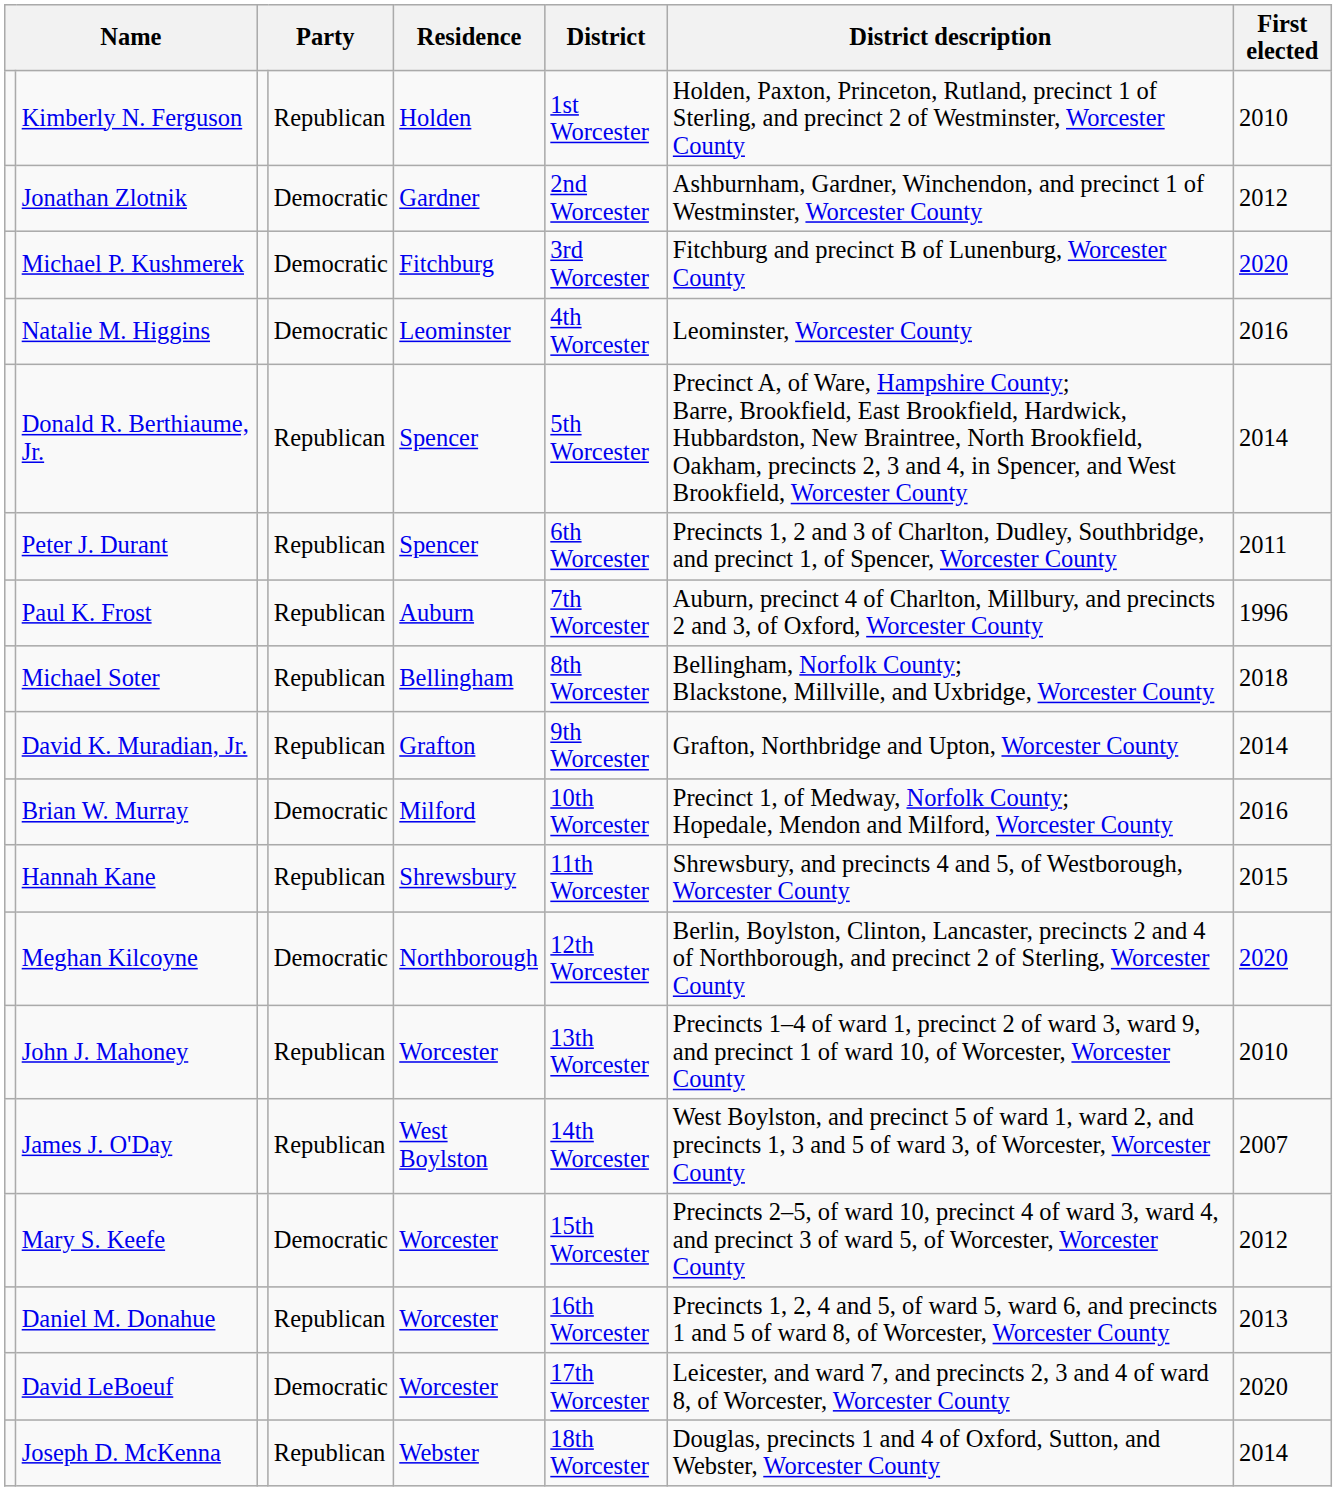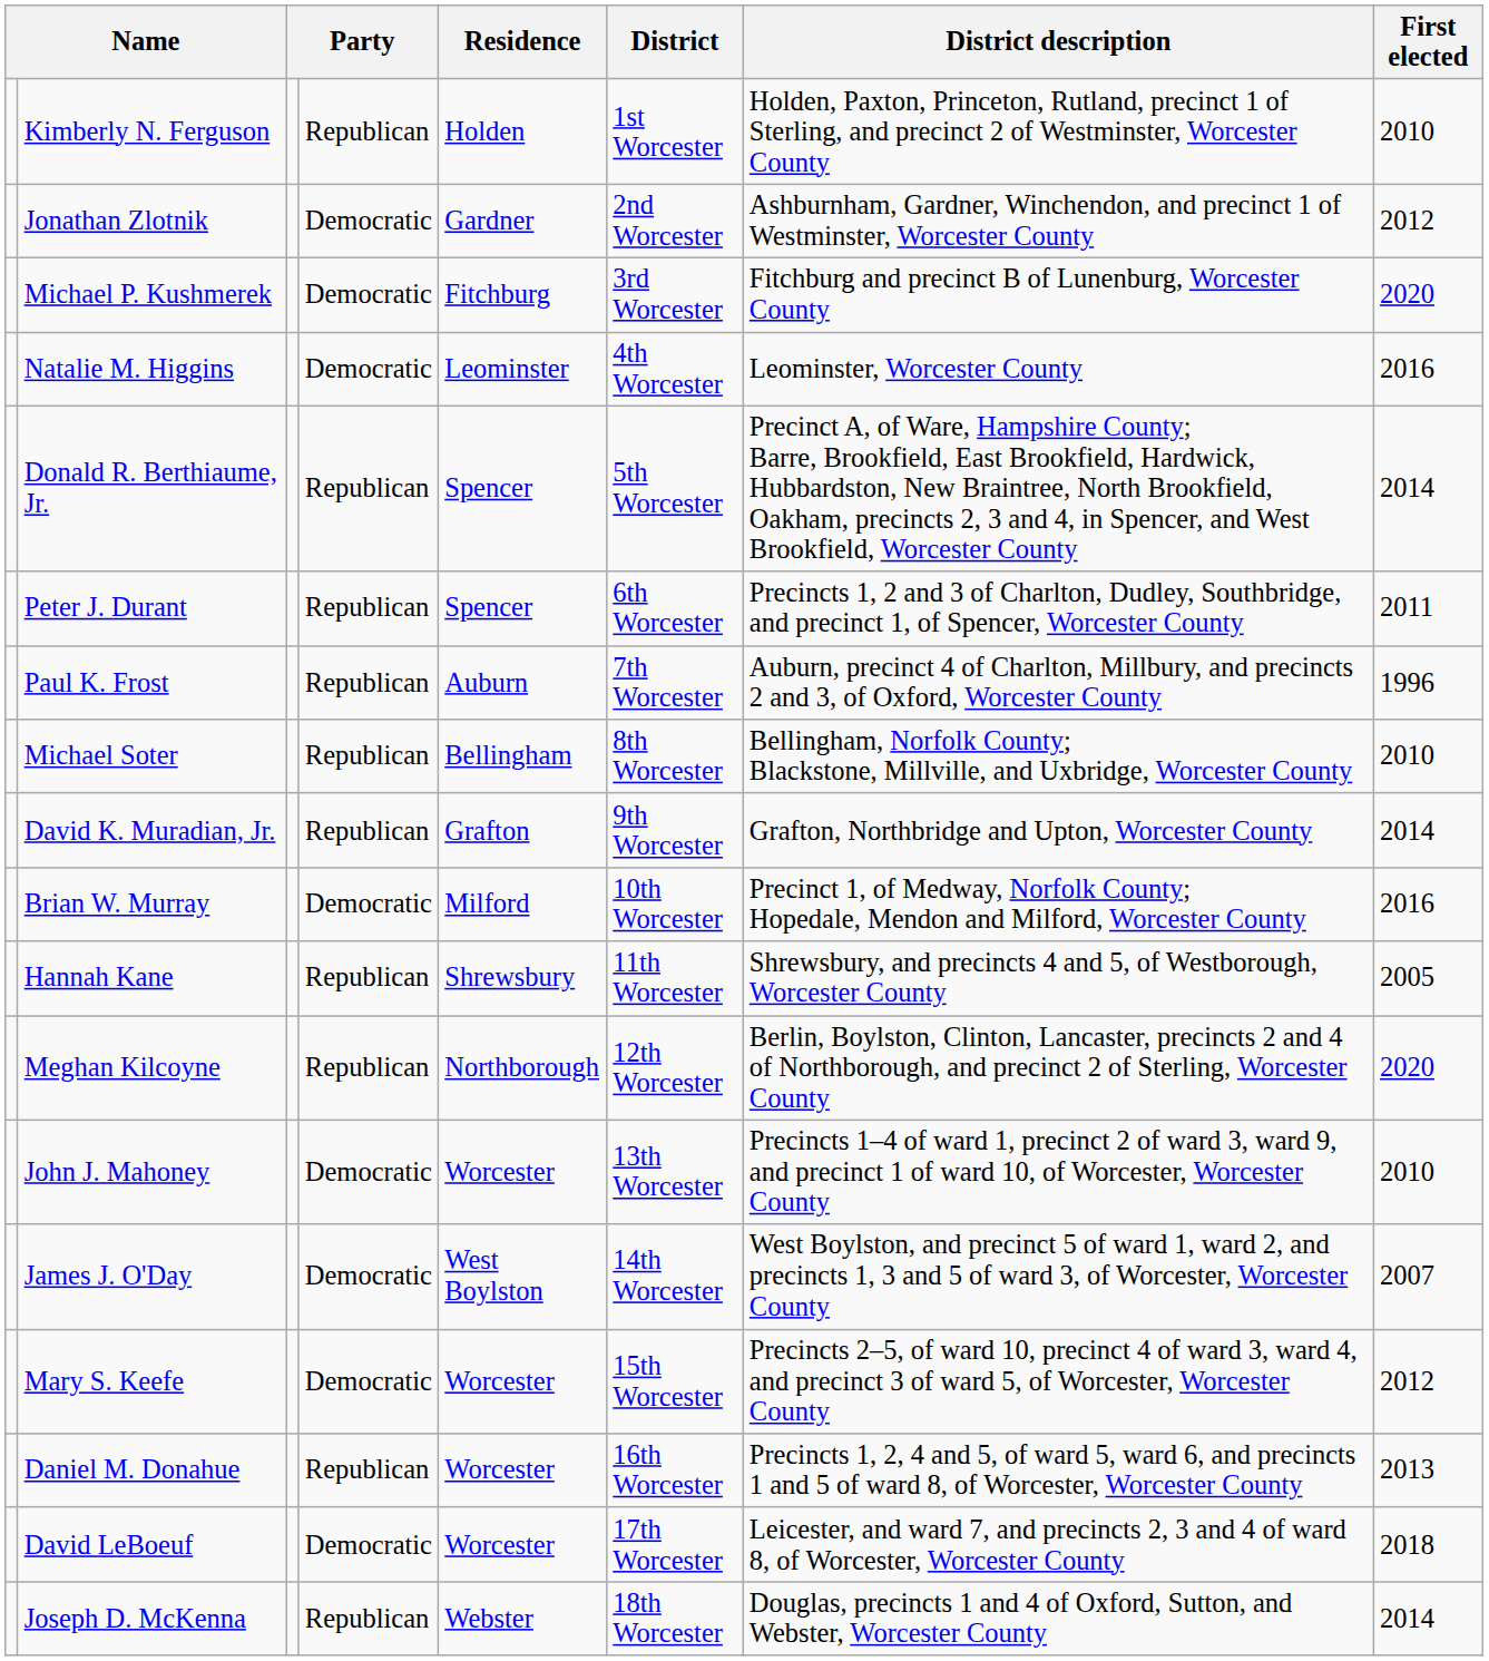 <table class="wikitable sortable" style="text-align:left;">
 <tr>
 <th colspan="2">Name</th>
 <th colspan=2>Party</th>
 <th>Residence</th>
 <th>District</th>
 <th>District description</th>
 <th>First elected</th>
 </tr>
 <tr>
 <td></td>
 <td nowrap><a href='#'>Kimberly N. Ferguson</a></td>
 <td style="background-color:"></td>
 <td>Republican</td>
 <td><a href='#'>Holden</a></td>
 <td><a href='#'>1st Worcester</a></td>
 <td>Holden, Paxton, Princeton, Rutland, precinct 1 of Sterling, and precinct 2 of Westminster, <a href='#'>Worcester County</a></td>
 <td>2010</td>
 </tr>
 <tr>
 <td></td>
 <td><a href='#'>Jonathan Zlotnik</a></td>
 <td style="background-color:"></td>
 <td>Democratic</td>
 <td><a href='#'>Gardner</a></td>
 <td><a href='#'>2nd Worcester</a></td>
 <td>Ashburnham, Gardner, Winchendon, and precinct 1 of Westminster, <a href='#'>Worcester County</a></td>
 <td>2012</td>
 </tr>
 <tr>
 <td></td>
 <td><a href='#'>Michael P. Kushmerek</a></td>
 <td style="background-color:"></td>
 <td>Democratic</td>
 <td><a href='#'>Fitchburg</a></td>
 <td><a href='#'>3rd Worcester</a></td>
 <td>Fitchburg and precinct B of Lunenburg, <a href='#'>Worcester County</a></td>
 <td><a href='#'>2020</a></td>
 </tr>
 <tr>
 <td></td>
 <td><a href='#'>Natalie M. Higgins</a></td>
 <td style="background-color:"></td>
 <td>Democratic</td>
 <td><a href='#'>Leominster</a></td>
 <td><a href='#'>4th Worcester</a></td>
 <td>Leominster, <a href='#'>Worcester County</a></td>
 <td>2016</td>
 </tr>
 <tr>
 <td></td>
 <td><a href='#'>Donald R. Berthiaume, Jr.</a></td>
 <td style="background-color:"></td>
 <td>Republican</td>
 <td><a href='#'>Spencer</a></td>
 <td><a href='#'>5th Worcester</a></td>
 <td>Precinct A, of Ware, <a href='#'>Hampshire County</a>;<br>Barre, Brookfield, East Brookfield, Hardwick, Hubbardston, New Braintree, North Brookfield, Oakham, precincts 2, 3 and 4, in Spencer, and West Brookfield, <a href='#'>Worcester County</a></td>
 <td>2014</td>
 </tr>
 <tr>
 <td></td>
 <td><a href='#'>Peter J. Durant</a></td>
 <td style="background-color:"></td>
 <td>Republican</td>
 <td><a href='#'>Spencer</a></td>
 <td><a href='#'>6th Worcester</a></td>
 <td>Precincts 1, 2 and 3 of Charlton, Dudley, Southbridge, and precinct 1, of Spencer, <a href='#'>Worcester County</a></td>
 <td>2011</td>
 </tr>
 <tr>
 <td></td>
 <td><a href='#'>Paul K. Frost</a></td>
 <td style="background-color:"></td>
 <td>Republican</td>
 <td><a href='#'>Auburn</a></td>
 <td><a href='#'>7th Worcester</a></td>
 <td>Auburn, precinct 4 of Charlton, Millbury, and precincts 2 and 3, of Oxford, <a href='#'>Worcester County</a></td>
 <td>1996</td>
 </tr>
 <tr>
 <td></td>
 <td><a href='#'>Michael Soter</a></td>
 <td style="background-color:"></td>
 <td>Republican</td>
 <td><a href='#'>Bellingham</a></td>
 <td><a href='#'>8th Worcester</a></td>
 <td>Bellingham, <a href='#'>Norfolk County</a>;<br>Blackstone, Millville, and Uxbridge, <a href='#'>Worcester County</a></td>
-<td>2018</td>
+<td>2010</td>
 </tr>
 <tr>
 <td></td>
 <td><a href='#'>David K. Muradian, Jr.</a></td>
 <td style="background-color:"></td>
 <td>Republican</td>
 <td><a href='#'>Grafton</a></td>
 <td><a href='#'>9th Worcester</a></td>
 <td>Grafton, Northbridge and Upton, <a href='#'>Worcester County</a></td>
 <td>2014</td>
 </tr>
 <tr>
 <td></td>
 <td><a href='#'>Brian W. Murray</a></td>
 <td style="background-color:"></td>
 <td>Democratic</td>
 <td><a href='#'>Milford</a></td>
 <td><a href='#'>10th Worcester</a></td>
 <td>Precinct 1, of Medway, <a href='#'>Norfolk County</a>;<br>Hopedale, Mendon and Milford, <a href='#'>Worcester County</a></td>
 <td>2016</td>
 </tr>
 <tr>
 <td></td>
 <td><a href='#'>Hannah Kane</a></td>
 <td style="background-color:"></td>
 <td>Republican</td>
 <td><a href='#'>Shrewsbury</a></td>
 <td><a href='#'>11th Worcester</a></td>
 <td>Shrewsbury, and precincts 4 and 5, of Westborough, <a href='#'>Worcester County</a></td>
-<td>2015</td>
+<td>2005</td>
 </tr>
 <tr>
 <td></td>
 <td><a href='#'>Meghan Kilcoyne</a></td>
 <td style="background-color:"></td>
-<td>Democratic</td>
+<td>Republican</td>
 <td><a href='#'>Northborough</a></td>
 <td><a href='#'>12th Worcester</a></td>
 <td>Berlin, Boylston, Clinton, Lancaster, precincts 2 and 4 of Northborough, and precinct 2 of Sterling, <a href='#'>Worcester County</a></td>
 <td><a href='#'>2020</a></td>
 </tr>
 <tr>
 <td></td>
 <td><a href='#'>John J. Mahoney</a></td>
 <td style="background-color:"></td>
-<td>Republican</td>
+<td>Democratic</td>
 <td><a href='#'>Worcester</a></td>
 <td><a href='#'>13th Worcester</a></td>
 <td>Precincts 1–4 of ward 1, precinct 2 of ward 3, ward 9, and precinct 1 of ward 10, of Worcester, <a href='#'>Worcester County</a></td>
 <td>2010</td>
 </tr>
 <tr>
 <td></td>
 <td><a href='#'>James J. O'Day</a></td>
 <td style="background-color:"></td>
-<td>Republican</td>
+<td>Democratic</td>
 <td><a href='#'>West Boylston</a></td>
 <td><a href='#'>14th Worcester</a></td>
 <td>West Boylston, and precinct 5 of ward 1, ward 2, and precincts 1, 3 and 5 of ward 3, of Worcester, <a href='#'>Worcester County</a></td>
 <td>2007</td>
 </tr>
 <tr>
 <td></td>
 <td><a href='#'>Mary S. Keefe</a></td>
 <td style="background-color:"></td>
 <td>Democratic</td>
 <td><a href='#'>Worcester</a></td>
 <td><a href='#'>15th Worcester</a></td>
 <td>Precincts 2–5, of ward 10, precinct 4 of ward 3, ward 4, and precinct 3 of ward 5, of Worcester, <a href='#'>Worcester County</a></td>
 <td>2012</td>
 </tr>
 <tr>
 <td></td>
 <td><a href='#'>Daniel M. Donahue</a></td>
 <td style="background-color:"></td>
 <td>Republican</td>
 <td><a href='#'>Worcester</a></td>
 <td><a href='#'>16th Worcester</a></td>
 <td>Precincts 1, 2, 4 and 5, of ward 5, ward 6, and precincts 1 and 5 of ward 8, of Worcester, <a href='#'>Worcester County</a></td>
 <td>2013</td>
 </tr>
 <tr>
 <td></td>
 <td><a href='#'>David LeBoeuf</a></td>
 <td style="background-color:"></td>
 <td>Democratic</td>
 <td><a href='#'>Worcester</a></td>
 <td><a href='#'>17th Worcester</a></td>
 <td>Leicester, and ward 7, and precincts 2, 3 and 4 of ward 8, of Worcester, <a href='#'>Worcester County</a></td>
-<td>2020</td>
+<td>2018</td>
 </tr>
 <tr>
 <td></td>
 <td><a href='#'>Joseph D. McKenna</a></td>
 <td style="background-color:"></td>
 <td>Republican</td>
 <td><a href='#'>Webster</a></td>
 <td><a href='#'>18th Worcester</a></td>
 <td>Douglas, precincts 1 and 4 of Oxford, Sutton, and Webster, <a href='#'>Worcester County</a></td>
 <td>2014</td>
 </tr>
 </table>
